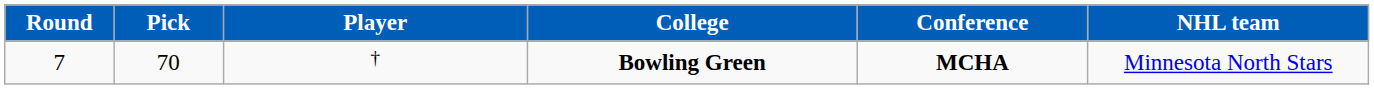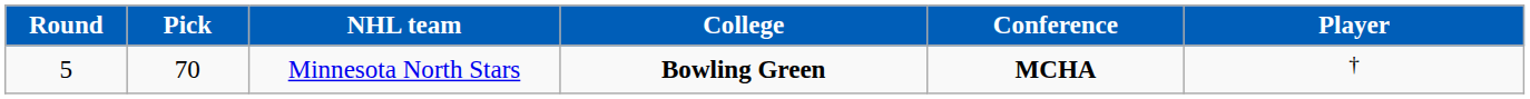 <table class="wikitable sortable" width="75%">
 <tr>
 <th style="color:white; background-color:#005EB8; width: 4em;">Round</th>
 <th style="color:white; background-color:#005EB8; width: 4em;">Pick</th>
-<th style="color:white; background-color:#005EB8; width: 12em;">Player</th>
+<th style="color:white; background-color:#005EB8; width: 11em;">NHL team</th>
 <th style="color:white; background-color:#005EB8; width: 13em;">College</th>
 <th style="color:white; background-color:#005EB8; width: 9em;">Conference</th>
-<th style="color:white; background-color:#005EB8; width: 11em;">NHL team</th>
+<th style="color:white; background-color:#005EB8; width: 12em;">Player</th>
 </tr>
 <tr align="center" bgcolor="">
-<td>7</td>
+<td>5</td>
 <td>70</td>
-<td> <sup>†</sup></td>
+<td><a href='#'>Minnesota North Stars</a></td>
 <td><strong>Bowling Green</strong></td>
 <td><strong>MCHA</strong></td>
-<td><a href='#'>Minnesota North Stars</a></td>
+<td> <sup>†</sup></td>
 </tr>
 </table>
